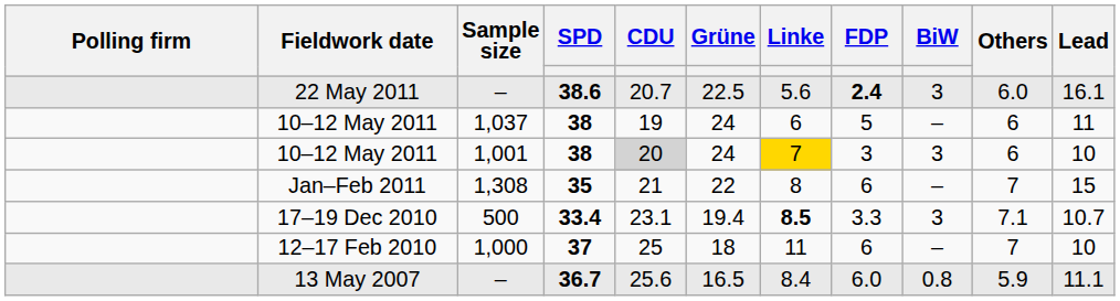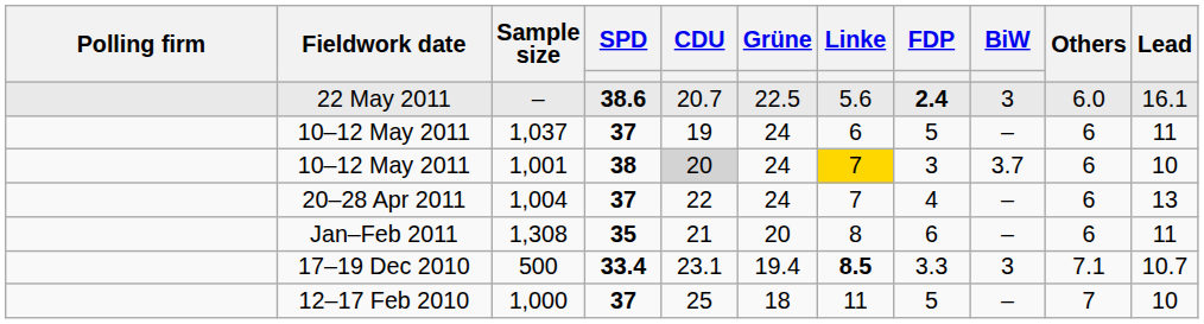 <table class="wikitable sortable" style="text-align:center;font-size:90%;line-height:14px;">
 <tr style="height:40px;">
 <th style="width:160px;" rowspan="2">Polling firm</th>
 <th style="width:125px;" rowspan="2">Fieldwork date</th>
 <th style="width:35px;" rowspan="2">Sample<br>size</th>
 <th class="unsortable" style="width:40px;"><a href='#'>SPD</a></th>
 <th class="unsortable" style="width:40px;"><a href='#'>CDU</a></th>
 <th class="unsortable" style="width:40px;"><a href='#'>Grüne</a></th>
 <th class="unsortable" style="width:40px;"><a href='#'>Linke</a></th>
 <th class="unsortable" style="width:40px;"><a href='#'>FDP</a></th>
 <th class="unsortable" style="width:40px;"><a href='#'>BiW</a></th>
 <th class="unsortable" style="width:40px;" rowspan="2">Others</th>
 <th style="width:30px;" rowspan="2">Lead</th>
 </tr>
 <tr>
 <th style="background:"></th>
 <th style="background:"></th>
 <th style="background:"></th>
 <th style="background:"></th>
 <th style="background:"></th>
 <th style="background:"></th>
 </tr>
 <tr style="background:#E9E9E9;">
 <td></td>
 <td data-sort-value="2011-05-22">22 May 2011</td>
 <td>–</td>
 <td><strong>38.6</strong></td>
 <td>20.7</td>
 <td>22.5</td>
 <td>5.6</td>
 <td><strong>2.4</strong></td>
 <td>3</td>
 <td>6.0</td>
 <td style="background:">16.1</td>
 </tr>
 <tr>
 <td></td>
 <td data-sort-value="2011-05-13">10–12 May 2011</td>
 <td>1,037</td>
-<td><strong>38</strong></td>
+<td><strong>37</strong></td>
 <td>19</td>
 <td>24</td>
 <td>6</td>
 <td>5</td>
 <td>–</td>
 <td>6</td>
 <td style="background:">11</td>
 </tr>
 <tr>
 <td></td>
 <td data-sort-value="2011-04-30">10–12 May 2011</td>
 <td>1,001</td>
 <td><strong>38</strong></td>
 <td style="background: lightgrey;">20</td>
 <td>24</td>
 <td style="background: gold;">7</td>
 <td>3</td>
-<td>3</td>
+<td>3.7</td>
 <td>6</td>
 <td style="background:">10</td>
+</tr>
+<tr>
+<td></td>
+<td data-sort-value="2011-04-30">20–28 Apr 2011</td>
+<td>1,004</td>
+<td><strong>37</strong></td>
+<td>22</td>
+<td>24</td>
+<td>7</td>
+<td>4</td>
+<td>–</td>
+<td>6</td>
+<td style="background:">13</td>
 </tr>
 <tr>
 <td></td>
 <td data-sort-value="2011-02-19">Jan–Feb 2011</td>
 <td>1,308</td>
 <td><strong>35</strong></td>
 <td>21</td>
-<td>22</td>
+<td>20</td>
 <td>8</td>
 <td>6</td>
 <td>–</td>
-<td>7</td>
-<td style="background:">15</td>
+<td>6</td>
+<td style="background:">11</td>
 </tr>
 <tr>
 <td></td>
 <td data-sort-value="2010-12-22">17–19 Dec 2010</td>
 <td>500</td>
 <td><strong>33.4</strong></td>
 <td>23.1</td>
 <td>19.4</td>
 <td><strong>8.5</strong></td>
 <td>3.3</td>
 <td>3</td>
 <td>7.1</td>
 <td style="background:">10.7</td>
 </tr>
 <tr>
 <td></td>
 <td data-sort-value="2010-03-30">12–17 Feb 2010</td>
 <td>1,000</td>
 <td><strong>37</strong></td>
 <td>25</td>
 <td>18</td>
 <td>11</td>
-<td>6</td>
+<td>5</td>
 <td>–</td>
 <td>7</td>
 <td style="background:">10</td>
 </tr>
-<tr style="background:#E9E9E9;">
-<td></td>
-<td data-sort-value="2007-05-13">13 May 2007</td>
-<td>–</td>
-<td><strong>36.7</strong></td>
-<td>25.6</td>
-<td>16.5</td>
-<td>8.4</td>
-<td>6.0</td>
-<td>0.8</td>
-<td>5.9</td>
-<td style="background:">11.1</td>
-</tr>
 </table>
